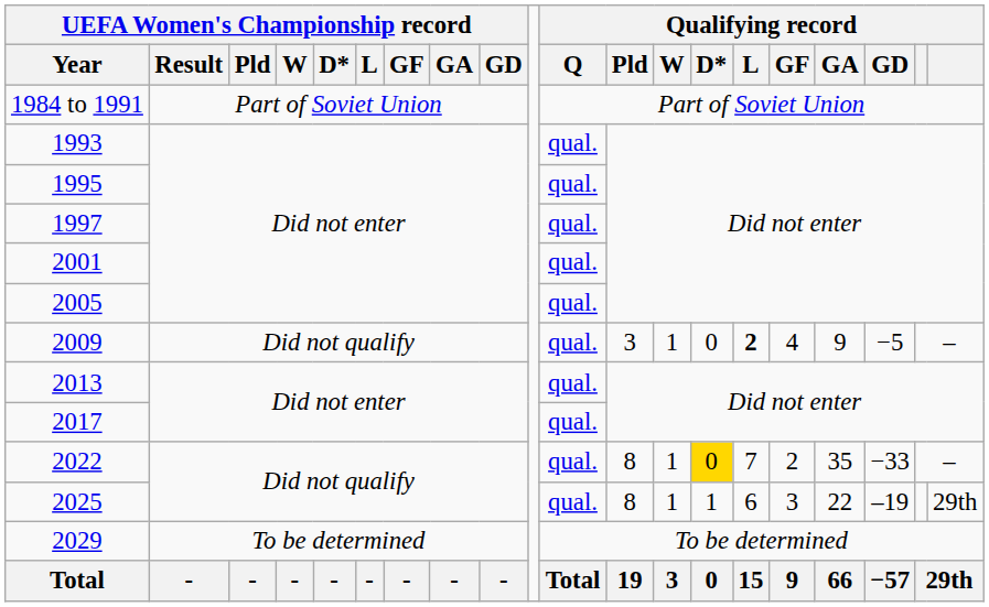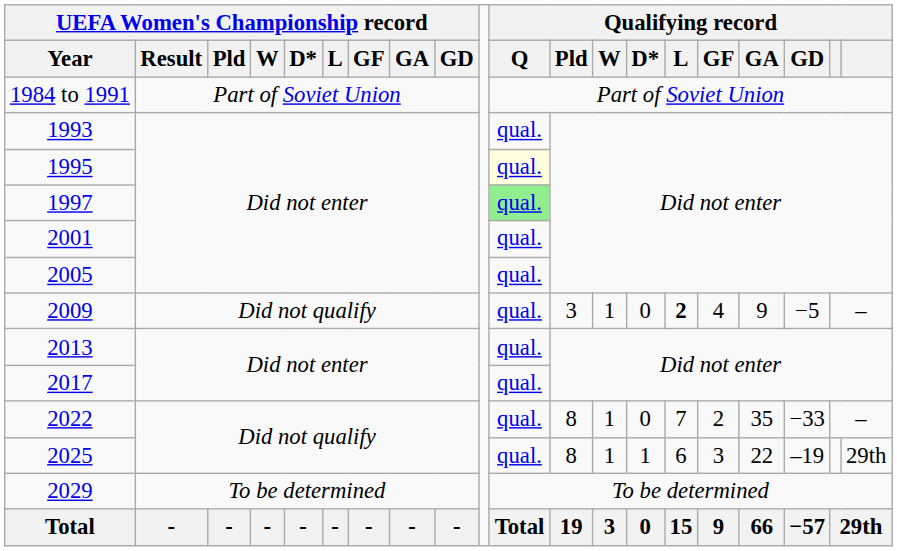 <table class="wikitable" style="text-align: center; ">
 <tr>
 <th colspan="9"><a href='#'>UEFA Women's Championship</a> record</th>
 <td rowspan=100></td>
 <th colspan=10>Qualifying record</th>
 </tr>
 <tr>
 <th>Year</th>
 <th>Result</th>
 <th>Pld</th>
 <th>W</th>
 <th>D*</th>
 <th>L</th>
 <th>GF</th>
 <th>GA</th>
 <th>GD<br></th>
 <th>Q</th>
 <th>Pld</th>
 <th>W</th>
 <th>D*</th>
 <th>L</th>
 <th>GF</th>
 <th>GA</th>
 <th>GD</th>
 <th></th>
 <th></th>
 </tr>
 <tr>
 <td><a href='#'>1984</a> to  <a href='#'>1991</a></td>
 <td colspan=8><em>Part of <a href='#'>Soviet Union</a></em></td>
 <td colspan=10><em>Part of <a href='#'>Soviet Union</a></em></td>
 </tr>
 <tr>
 <td> <a href='#'>1993</a></td>
 <td colspan=8 rowspan=5><em>Did not enter</em></td>
 <td><a href='#'>qual.</a></td>
 <td colspan=9 rowspan=5><em>Did not enter</em></td>
 </tr>
 <tr>
 <td> <a href='#'>1995</a></td>
-<td><a href='#'>qual.</a></td>
+<td style="background: lightyellow;"><a href='#'>qual.</a></td>
 </tr>
 <tr>
 <td>  <a href='#'>1997</a></td>
-<td><a href='#'>qual.</a></td>
+<td style="background: lightgreen;"><a href='#'>qual.</a></td>
 </tr>
 <tr>
 <td> <a href='#'>2001</a></td>
 <td><a href='#'>qual.</a></td>
 </tr>
 <tr>
 <td> <a href='#'>2005</a></td>
 <td><a href='#'>qual.</a></td>
 </tr>
 <tr>
 <td> <a href='#'>2009</a></td>
 <td colspan=8><em>Did not qualify</em></td>
 <td><a href='#'>qual.</a></td>
 <td>3</td>
 <td>1</td>
 <td>0</td>
 <td><strong>2</strong></td>
 <td>4</td>
 <td>9</td>
 <td>−5</td>
 <td colspan=2>–</td>
 </tr>
 <tr>
 <td> <a href='#'>2013</a></td>
 <td colspan=8 rowspan=2><em>Did not enter</em></td>
 <td><a href='#'>qual.</a></td>
 <td colspan=9 rowspan=2><em>Did not enter</em></td>
 </tr>
 <tr>
 <td> <a href='#'>2017</a></td>
 <td><a href='#'>qual.</a></td>
 </tr>
 <tr>
 <td> <a href='#'>2022</a></td>
 <td colspan=8 rowspan=2><em>Did not qualify</em></td>
 <td><a href='#'>qual.</a></td>
 <td>8</td>
 <td>1</td>
-<td style="background: gold;">0</td>
+<td>0</td>
 <td>7</td>
 <td>2</td>
 <td>35</td>
 <td>−33</td>
 <td colspan=2>–</td>
 </tr>
 <tr>
 <td> <a href='#'>2025</a></td>
 <td><a href='#'>qual.</a></td>
 <td>8</td>
 <td>1</td>
 <td>1</td>
 <td>6</td>
 <td>3</td>
 <td>22</td>
 <td>–19</td>
 <td></td>
 <td>29th</td>
 </tr>
 <tr>
 <td><a href='#'>2029</a></td>
 <td colspan=8><em>To be determined</em><br></td>
 <td colspan=10><em>To be determined</em></td>
 </tr>
 <tr>
 <th>Total</th>
 <th>-</th>
 <th>-</th>
 <th>-</th>
 <th>-</th>
 <th>-</th>
 <th>-</th>
 <th>-</th>
 <th>-</th>
 <th>Total</th>
 <th>19</th>
 <th>3</th>
 <th>0</th>
 <th>15</th>
 <th>9</th>
 <th>66</th>
 <th>−57</th>
 <th colspan=2>29th</th>
 </tr>
 </table>
